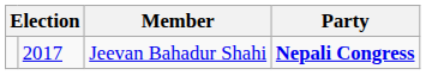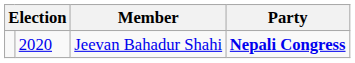 <table class="wikitable">
 <tr>
 <th colspan="2">Election</th>
 <th>Member</th>
 <th>Party</th>
 </tr>
 <tr>
 <td style="color:inherit;background:"></td>
-<td><a href='#'>2017</a></td>
+<td><a href='#'>2020</a></td>
 <td><a href='#'>Jeevan Bahadur Shahi</a></td>
 <td><strong><a href='#'>Nepali Congress</a></strong></td>
 </tr>
 </table>
